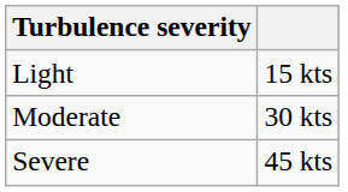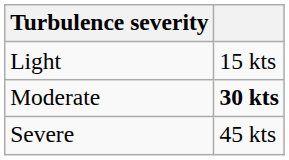 <table class="wikitable">
 <tr>
 <th>Turbulence severity</th>
 <th></th>
 </tr>
 <tr>
 <td>Light</td>
 <td>15 kts</td>
 </tr>
 <tr>
 <td>Moderate</td>
-<td>30 kts</td>
+<td><strong>30 kts</strong></td>
 </tr>
 <tr>
 <td>Severe</td>
 <td>45 kts</td>
 </tr>
 </table>
